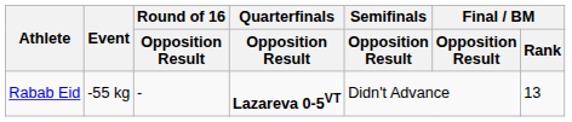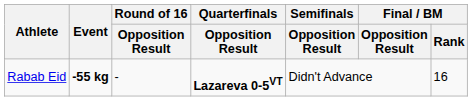 <table class="wikitable">
 <tr>
 <th rowspan="2">Athlete</th>
 <th rowspan="2">Event</th>
 <th>Round of 16</th>
 <th>Quarterfinals</th>
 <th>Semifinals</th>
 <th colspan="2">Final / <abbr>BM</abbr></th>
 </tr>
 <tr>
 <th>Opposition<br>Result</th>
 <th>Opposition<br>Result</th>
 <th>Opposition<br>Result</th>
 <th>Opposition<br>Result</th>
 <th>Rank</th>
 </tr>
 <tr>
 <td><a href='#'>Rabab Eid</a></td>
-<td>-55 kg</td>
+<td><strong>-55 kg</strong></td>
 <td>-</td>
 <td><strong><br>Lazareva 0-5<sup>VT</sup></strong></td>
 <td colspan="2">Didn't Advance</td>
-<td>13</td>
+<td>16</td>
 </tr>
 </table>
